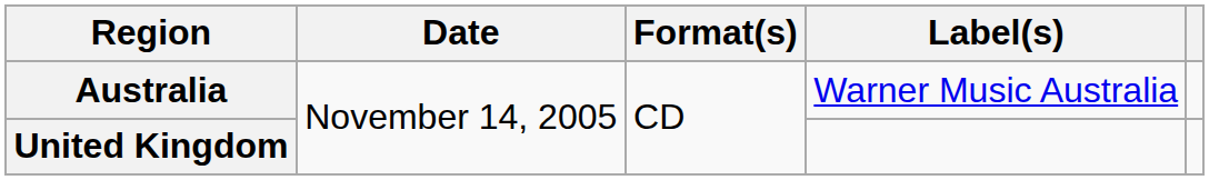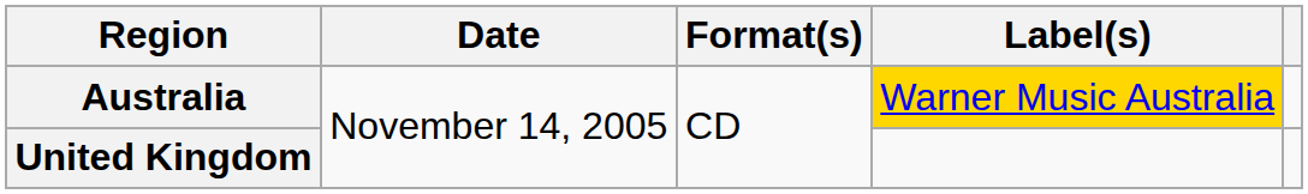 <table class="wikitable plainrowheaders">
 <tr>
 <th scope="col">Region</th>
 <th scope="col">Date</th>
 <th scope="col">Format(s)</th>
 <th scope="col">Label(s)</th>
 <th scope="col"></th>
 </tr>
 <tr>
 <th scope="row">Australia</th>
 <td rowspan="2">November 14, 2005</td>
 <td rowspan="2">CD</td>
-<td><a href='#'>Warner Music Australia</a></td>
+<td style="background: gold;"><a href='#'>Warner Music Australia</a></td>
 <td></td>
 </tr>
 <tr>
 <th scope="row">United Kingdom</th>
 <td></td>
 <td></td>
 </tr>
 </table>
